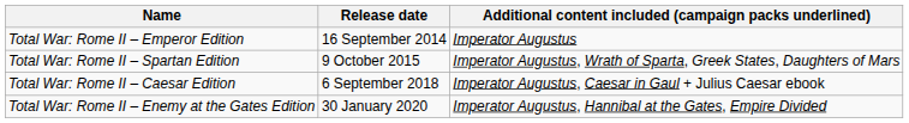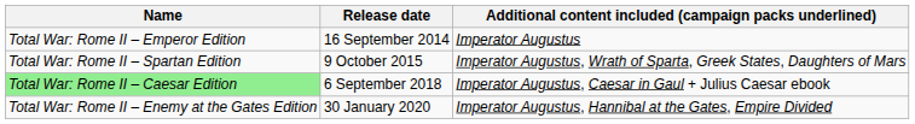 <table class="wikitable">
 <tr>
 <th>Name</th>
 <th>Release date</th>
 <th>Additional content included (campaign packs underlined)</th>
 </tr>
 <tr>
 <td><em>Total War: Rome II – Emperor Edition</em></td>
 <td>16 September 2014</td>
 <td><u><em>Imperator Augustus</em></u></td>
 </tr>
 <tr>
 <td><em>Total War: Rome II – Spartan Edition</em></td>
 <td>9 October 2015</td>
 <td><em><u>Imperator Augustus</u></em>, <em><u>Wrath of Sparta</u></em>, <em>Greek States</em>, <em>Daughters of Mars</em></td>
 </tr>
 <tr>
-<td><em>Total War: Rome II – Caesar Edition</em></td>
+<td style="background: lightgreen;"><em>Total War: Rome II – Caesar Edition</em></td>
 <td>6 September 2018</td>
 <td><em><u>Imperator Augustus</u></em>, <em><u>Caesar in Gaul</u></em> + Julius Caesar ebook</td>
 </tr>
 <tr>
 <td><em>Total War: Rome II – Enemy at the Gates Edition</em></td>
 <td>30 January 2020</td>
 <td><em><u>Imperator Augustus</u></em>, <em><u>Hannibal at the Gates</u></em>, <em><u>Empire Divided</u></em></td>
 </tr>
 </table>
